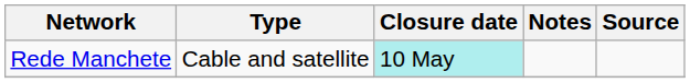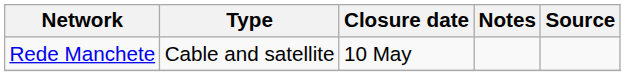 <table class="wikitable sortable">
 <tr>
 <th>Network</th>
 <th>Type</th>
 <th>Closure date</th>
 <th>Notes</th>
 <th>Source</th>
 </tr>
 <tr>
 <td><a href='#'>Rede Manchete</a></td>
 <td>Cable and satellite</td>
-<td style="background: paleturquoise;">10 May</td>
+<td>10 May</td>
 <td></td>
 <td></td>
 </tr>
 <tr>
 </tr>
 </table>
